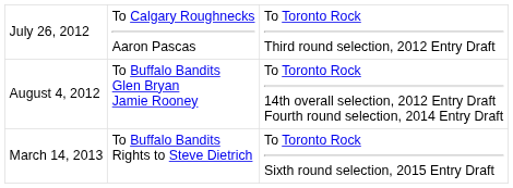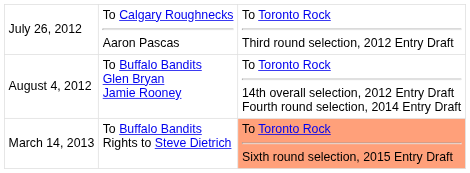 <table border=1 style="border-collapse:collapse" bordercolor="#DFDFDF"  cellpadding="5">
 <tr>
 <td>July 26, 2012<br></td>
 <td valign="top">To <a href='#'>Calgary Roughnecks</a> <hr>Aaron Pascas</td>
 <td valign="top">To <a href='#'>Toronto Rock</a> <hr>Third round selection, 2012 Entry Draft</td>
 </tr>
 <tr>
 <td>August 4, 2012<br></td>
 <td valign="top">To <a href='#'>Buffalo Bandits</a><br><a href='#'>Glen Bryan</a><br><a href='#'>Jamie Rooney</a></td>
 <td valign="top">To <a href='#'>Toronto Rock</a><hr>14th overall selection, 2012 Entry Draft<br>Fourth round selection, 2014 Entry Draft</td>
 </tr>
 <tr>
 <td>March 14, 2013<br></td>
 <td valign="top">To <a href='#'>Buffalo Bandits</a><br>Rights to <a href='#'>Steve Dietrich</a></td>
-<td valign="top">To <a href='#'>Toronto Rock</a><hr>Sixth round selection, 2015 Entry Draft</td>
+<td valign="top" style="background: lightsalmon;">To <a href='#'>Toronto Rock</a><hr>Sixth round selection, 2015 Entry Draft</td>
 </tr>
 </table>
